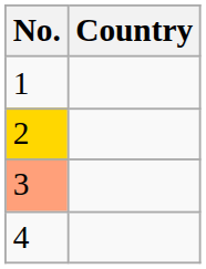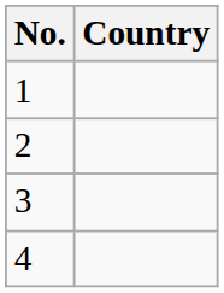 <table class="wikitable">
 <tr>
 <th>No.</th>
 <th>Country</th>
 </tr>
 <tr>
 <td>1</td>
 <td></td>
 </tr>
 <tr>
-<td style="background: gold;">2</td>
+<td>2</td>
 <td></td>
 </tr>
 <tr>
-<td style="background: lightsalmon;">3</td>
+<td>3</td>
 <td></td>
 </tr>
 <tr>
 <td>4</td>
 <td></td>
 </tr>
 </table>
